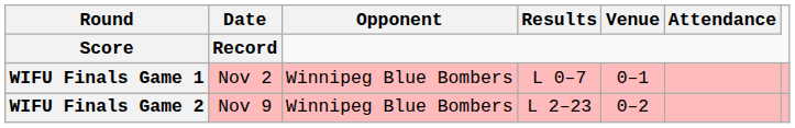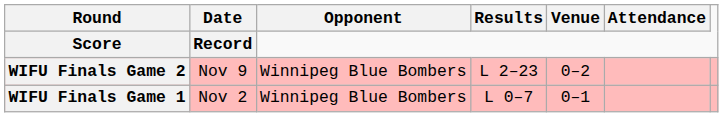 <table class="wikitable" style="text-align:center">
 <tr>
 <th>Round</th>
 <th>Date</th>
 <th>Opponent</th>
 <th>Results</th>
 <th>Venue</th>
 <th>Attendance</th>
 </tr>
 <tr>
 <th>Score</th>
 <th>Record</th>
 </tr>
 <tr style="background:#ffbbbb">
+<th>WIFU Finals Game 2</th>
+<td>Nov 9</td>
+<td>Winnipeg Blue Bombers</td>
+<td>L 2–23</td>
+<td>0–2</td>
+<td></td>
+<td></td>
+</tr>
+<tr style="background:#ffbbbb">
 <th>WIFU Finals Game 1</th>
 <td>Nov 2</td>
 <td>Winnipeg Blue Bombers</td>
 <td>L 0–7</td>
 <td>0–1</td>
 <td></td>
 <td></td>
 </tr>
-<tr style="background:#ffbbbb">
-<th>WIFU Finals Game 2</th>
-<td>Nov 9</td>
-<td>Winnipeg Blue Bombers</td>
-<td>L 2–23</td>
-<td>0–2</td>
-<td></td>
-<td></td>
-</tr>
 </table>
